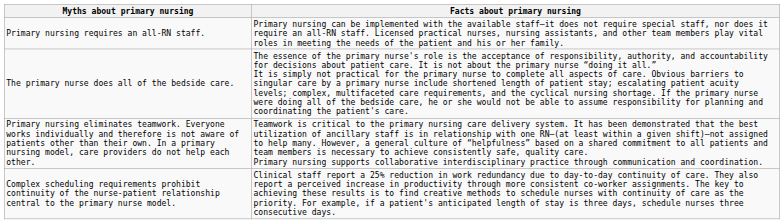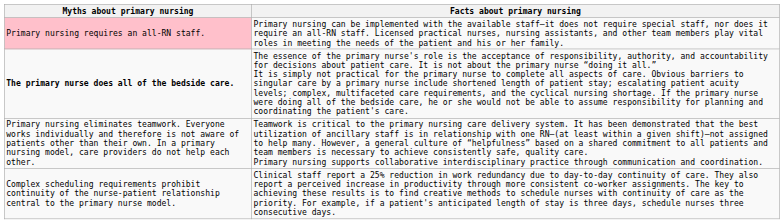 <table class="wikitable">
 <tr>
 <th>Myths about primary nursing</th>
 <th>Facts about primary nursing</th>
 </tr>
 <tr>
-<td>Primary nursing requires an all-RN staff.</td>
+<td style="background: pink;">Primary nursing requires an all-RN staff.</td>
 <td>Primary nursing can be implemented with the available staff—it does not require special staff, nor does it require an all-RN staff. Licensed practical nurses, nursing assistants, and other team members play vital roles in meeting the needs of the patient and his or her family.</td>
 </tr>
 <tr>
-<td>The primary nurse does all of the bedside care.</td>
+<td><strong>The primary nurse does all of the bedside care.</strong></td>
 <td>The essence of the primary nurse's role is the acceptance of responsibility, authority, and accountability for decisions about patient care. It is not about the primary nurse “doing it all.”<br>It is simply not practical for the primary nurse to complete all aspects of care. Obvious barriers to singular care by a primary nurse include shortened length of patient stay; escalating patient acuity levels; complex, multifaceted care requirements, and the cyclical nursing shortage. If the primary nurse were doing all of the bedside care, he or she would not be able to assume responsibility for planning and coordinating the patient's care.</td>
 </tr>
 <tr>
 <td>Primary nursing eliminates teamwork. Everyone works individually and therefore is not aware of patients other than their own. In a primary nursing model, care providers do not help each other.</td>
 <td>Teamwork is critical to the primary nursing care delivery system. It has been demonstrated that the best utilization of ancillary staff is in relationship with one RN—(at least within a given shift)—not assigned to help many. However, a general culture of “helpfulness” based on a shared commitment to all patients and team members is necessary to achieve consistently safe, quality care.<br>Primary nursing supports collaborative interdisciplinary practice through communication and coordination.</td>
 </tr>
 <tr>
 <td>Complex scheduling requirements prohibit continuity of the nurse-patient relationship central to the primary nurse model.</td>
 <td>Clinical staff report a 25% reduction in work redundancy due to day-to-day continuity of care. They also report a perceived increase in productivity through more consistent co-worker assignments. The key to achieving these results is to find creative methods to schedule nurses with continuity of care as the priority. For example, if a patient's anticipated length of stay is three days, schedule nurses three consecutive days.</td>
 </tr>
 </table>
